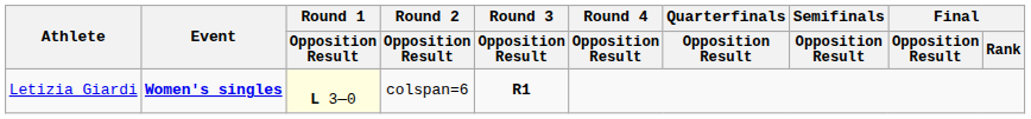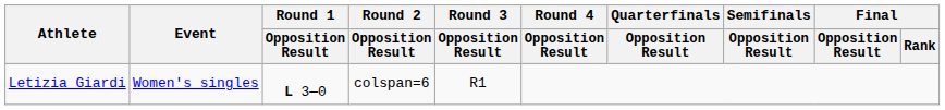 <table class="wikitable" style="font-size:90%;">
 <tr>
 <th rowspan=2>Athlete</th>
 <th rowspan=2>Event</th>
 <th>Round 1</th>
 <th>Round 2</th>
 <th>Round 3</th>
 <th>Round 4</th>
 <th>Quarterfinals</th>
 <th>Semifinals</th>
 <th colspan=2>Final</th>
 </tr>
 <tr style="font-size:95%">
 <th>Opposition<br>Result</th>
 <th>Opposition<br>Result</th>
 <th>Opposition<br>Result</th>
 <th>Opposition<br>Result</th>
 <th>Opposition<br>Result</th>
 <th>Opposition<br>Result</th>
 <th>Opposition<br>Result</th>
 <th>Rank</th>
 </tr>
 <tr align=center>
 <td align=left><a href='#'>Letizia Giardi</a></td>
-<td align=left><strong><a href='#'>Women's singles</a></strong></td>
-<td style="background: lightyellow;"> <br> <strong>L</strong> 3—0</td>
+<td align=left><a href='#'>Women's singles</a></td>
+<td> <br> <strong>L</strong> 3—0</td>
 <td>colspan=6 </td>
-<td><strong>R1</strong></td>
+<td>R1</td>
 </tr>
 </table>
